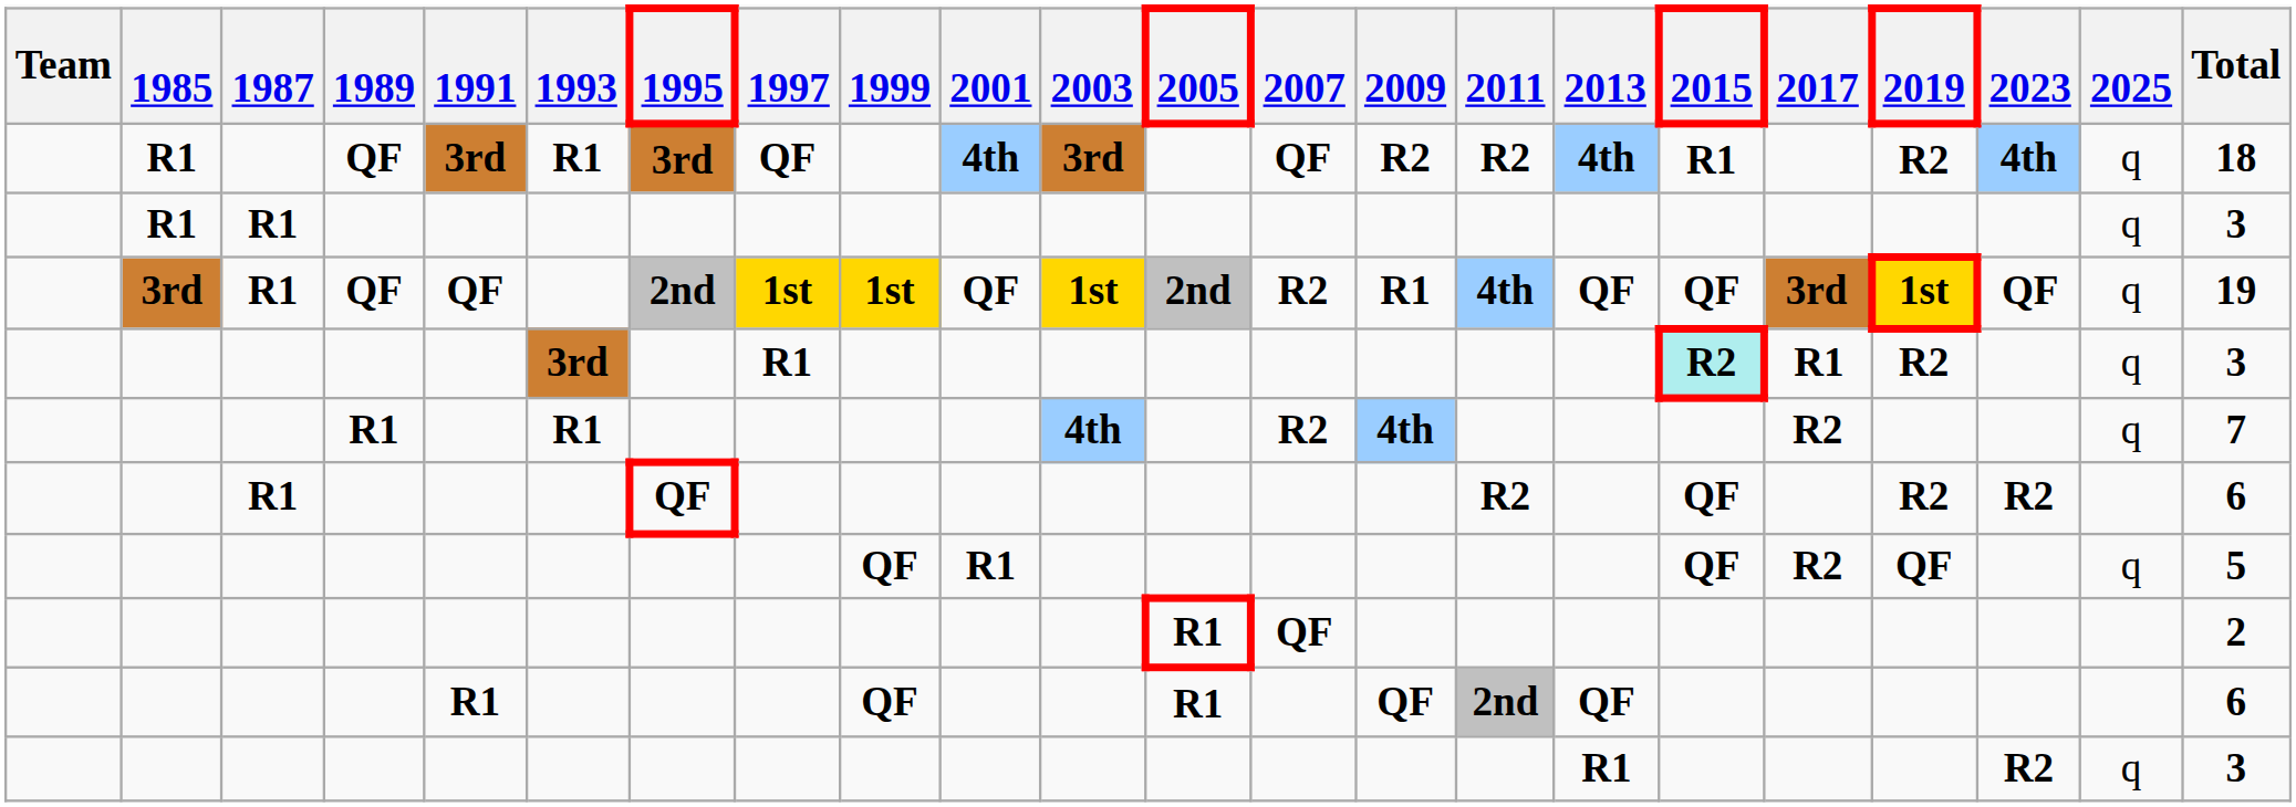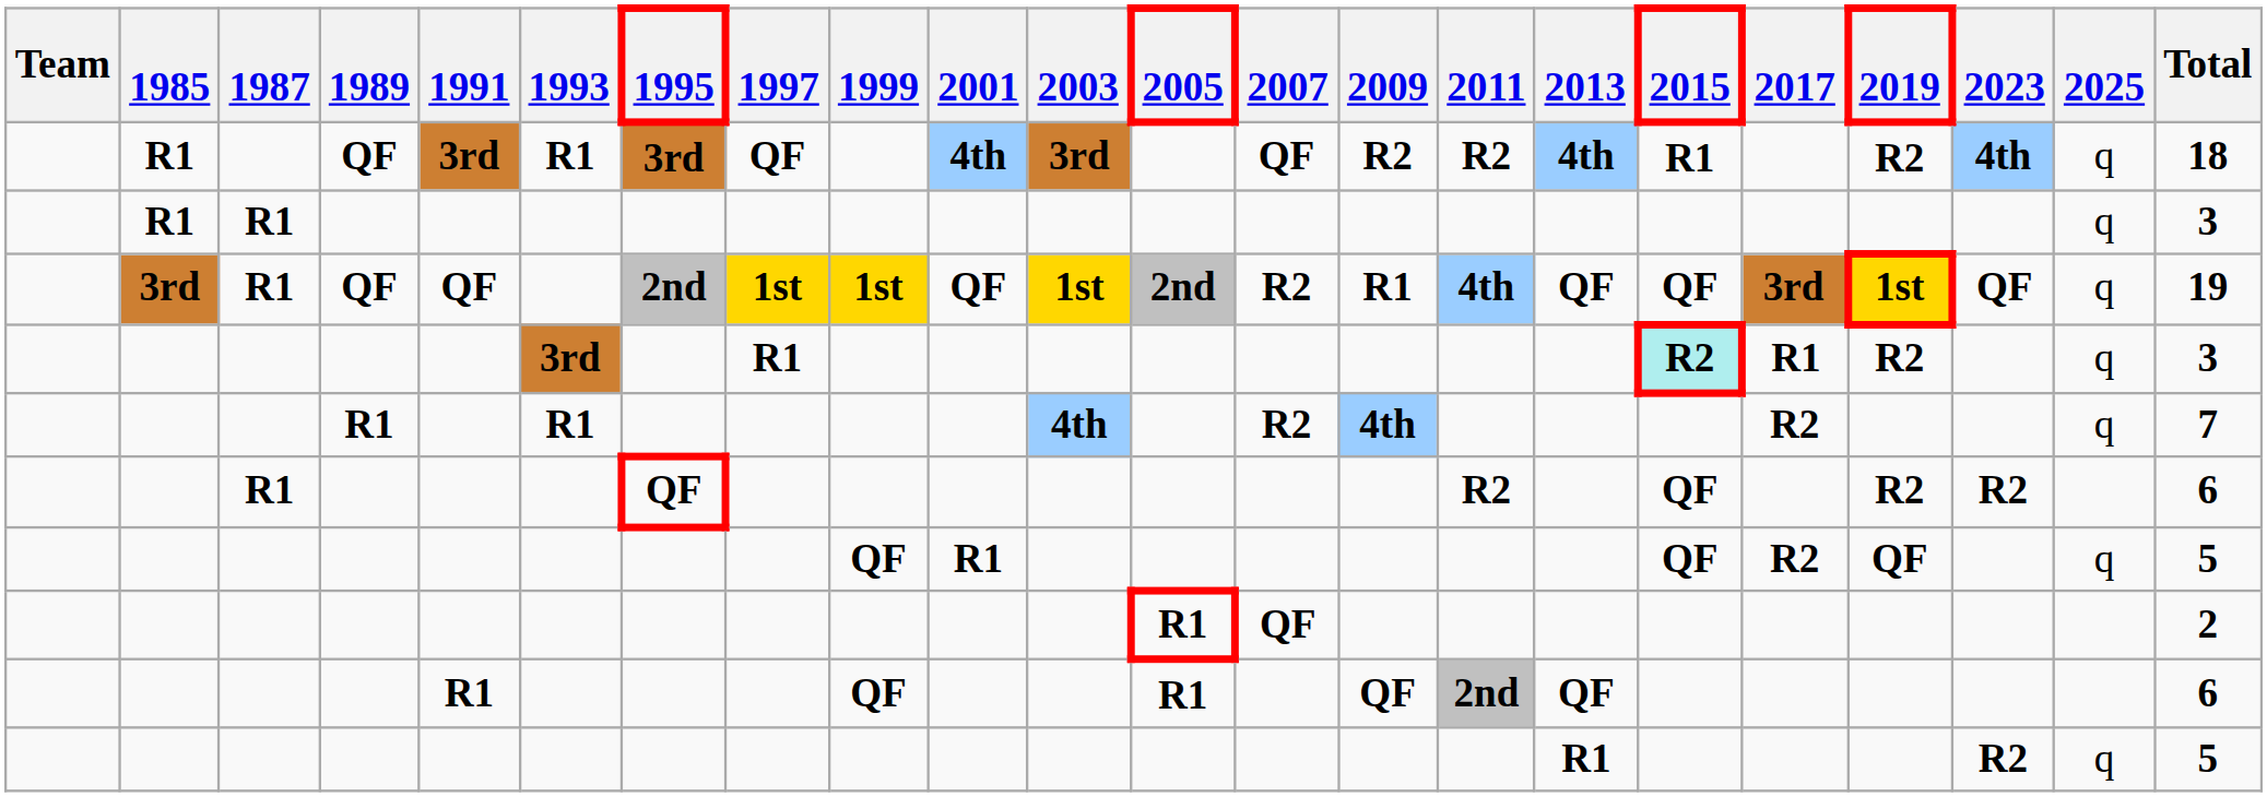 <table class="wikitable" style="text-align:center">
 <tr>
 <th>Team</th>
 <th><br><a href='#'>1985</a></th>
 <th><br><a href='#'>1987</a></th>
 <th><br><a href='#'>1989</a></th>
 <th><br><a href='#'>1991</a></th>
 <th><br><a href='#'>1993</a></th>
 <th style="border:3px solid red"><br><a href='#'>1995</a></th>
 <th><br><a href='#'>1997</a></th>
 <th><br><a href='#'>1999</a></th>
 <th><br><a href='#'>2001</a></th>
 <th><br><a href='#'>2003</a></th>
 <th style="border:3px solid red"><br><a href='#'>2005</a></th>
 <th><br><a href='#'>2007</a></th>
 <th><br><a href='#'>2009</a></th>
 <th><br><a href='#'>2011</a></th>
 <th><br><a href='#'>2013</a></th>
 <th style="border:3px solid red"><br><a href='#'>2015</a></th>
 <th><br><a href='#'>2017</a></th>
 <th style="border:3px solid red"><br><a href='#'>2019</a></th>
 <th><br><a href='#'>2023</a></th>
 <th><br><a href='#'>2025</a></th>
 <th>Total</th>
 </tr>
 <tr>
 <td align=left></td>
 <td><strong>R1</strong></td>
 <td></td>
 <td><strong>QF</strong></td>
 <td style="background:#cd7f32;"><strong>3rd</strong></td>
 <td><strong>R1</strong></td>
 <td style="background:#cd7f32;"><strong>3rd</strong></td>
 <td><strong>QF</strong></td>
 <td></td>
 <td style="background:#9acdff;"><strong>4th</strong></td>
 <td style="background:#cd7f32;"><strong>3rd</strong></td>
 <td></td>
 <td><strong>QF</strong></td>
 <td><strong>R2</strong></td>
 <td><strong>R2</strong></td>
 <td style="background:#9acdff;"><strong>4th</strong></td>
 <td><strong>R1</strong></td>
 <td></td>
 <td><strong>R2</strong></td>
 <td style="background:#9acdff;"><strong>4th</strong></td>
 <td>q</td>
 <td><strong>18</strong></td>
 </tr>
 <tr>
 <td align=left></td>
 <td><strong>R1</strong></td>
 <td><strong>R1</strong></td>
 <td></td>
 <td></td>
 <td></td>
 <td></td>
 <td></td>
 <td></td>
 <td></td>
 <td></td>
 <td></td>
 <td></td>
 <td></td>
 <td></td>
 <td></td>
 <td></td>
 <td></td>
 <td></td>
 <td></td>
 <td>q</td>
 <td><strong>3</strong></td>
 </tr>
 <tr>
 <td align=left></td>
 <td style="background:#cd7f32;"><strong>3rd</strong></td>
 <td><strong>R1</strong></td>
 <td><strong>QF</strong></td>
 <td><strong>QF</strong></td>
 <td></td>
 <td style="background:silver;"><strong>2nd</strong></td>
 <td style="background:gold;"><strong>1st</strong></td>
 <td style="background:gold;"><strong>1st</strong></td>
 <td><strong>QF</strong></td>
 <td style="background:gold;"><strong>1st</strong></td>
 <td style="background:silver;"><strong>2nd</strong></td>
 <td><strong>R2</strong></td>
 <td><strong>R1</strong></td>
 <td style="background:#9acdff;"><strong>4th</strong></td>
 <td><strong>QF</strong></td>
 <td><strong>QF</strong></td>
 <td style="background:#cd7f32;"><strong>3rd</strong></td>
 <td style="border: 3px solid red" bgcolor=gold><strong>1st</strong></td>
 <td><strong>QF</strong></td>
 <td>q</td>
 <td><strong>19</strong></td>
 </tr>
 <tr>
 <td align=left></td>
 <td></td>
 <td></td>
 <td></td>
 <td></td>
 <td style="background:#cd7f32;"><strong>3rd</strong></td>
 <td></td>
 <td><strong>R1</strong></td>
 <td></td>
 <td></td>
 <td></td>
 <td></td>
 <td></td>
 <td></td>
 <td></td>
 <td></td>
 <td style="background: paleturquoise; border: 3px solid red"><strong>R2</strong></td>
 <td><strong>R1</strong></td>
 <td><strong>R2</strong></td>
 <td></td>
 <td>q</td>
 <td><strong>3</strong></td>
 </tr>
 <tr>
 <td align=left></td>
 <td></td>
 <td></td>
 <td><strong>R1</strong></td>
 <td></td>
 <td><strong>R1</strong></td>
 <td></td>
 <td></td>
 <td></td>
 <td></td>
 <td style="background:#9acdff;"><strong>4th</strong></td>
 <td></td>
 <td><strong>R2</strong></td>
 <td style="background:#9acdff;"><strong>4th</strong></td>
 <td></td>
 <td></td>
 <td></td>
 <td><strong>R2</strong></td>
 <td></td>
 <td></td>
 <td>q</td>
 <td><strong>7</strong></td>
 </tr>
 <tr>
 <td align=left></td>
 <td></td>
 <td><strong>R1</strong></td>
 <td></td>
 <td></td>
 <td></td>
 <td style="border: 3px solid red"><strong>QF</strong></td>
 <td></td>
 <td></td>
 <td></td>
 <td></td>
 <td></td>
 <td></td>
 <td></td>
 <td><strong>R2</strong></td>
 <td></td>
 <td><strong>QF</strong></td>
 <td></td>
 <td><strong>R2</strong></td>
 <td><strong>R2</strong></td>
 <td></td>
 <td><strong>6</strong></td>
 </tr>
 <tr>
 <td align=left></td>
 <td></td>
 <td></td>
 <td></td>
 <td></td>
 <td></td>
 <td></td>
 <td></td>
 <td><strong>QF</strong></td>
 <td><strong>R1</strong></td>
 <td></td>
 <td></td>
 <td></td>
 <td></td>
 <td></td>
 <td></td>
 <td><strong>QF</strong></td>
 <td><strong>R2</strong></td>
 <td><strong>QF</strong></td>
 <td></td>
 <td>q</td>
 <td><strong>5</strong></td>
 </tr>
 <tr>
 <td align=left></td>
 <td></td>
 <td></td>
 <td></td>
 <td></td>
 <td></td>
 <td></td>
 <td></td>
 <td></td>
 <td></td>
 <td></td>
 <td style="border: 3px solid red"><strong>R1</strong></td>
 <td><strong>QF</strong></td>
 <td></td>
 <td></td>
 <td></td>
 <td></td>
 <td></td>
 <td></td>
 <td></td>
 <td></td>
 <td><strong>2</strong></td>
 </tr>
 <tr>
 <td align=left></td>
 <td></td>
 <td></td>
 <td></td>
 <td><strong>R1</strong></td>
 <td></td>
 <td></td>
 <td></td>
 <td><strong>QF</strong></td>
 <td></td>
 <td></td>
 <td><strong>R1</strong></td>
 <td></td>
 <td><strong>QF</strong></td>
 <td style="background:silver;"><strong>2nd</strong></td>
 <td><strong>QF</strong></td>
 <td></td>
 <td></td>
 <td></td>
 <td></td>
 <td></td>
 <td><strong>6</strong></td>
 </tr>
 <tr>
 <td align=left></td>
 <td></td>
 <td></td>
 <td></td>
 <td></td>
 <td></td>
 <td></td>
 <td></td>
 <td></td>
 <td></td>
 <td></td>
 <td></td>
 <td></td>
 <td></td>
 <td></td>
 <td><strong>R1</strong></td>
 <td></td>
 <td></td>
 <td></td>
 <td><strong>R2</strong></td>
 <td>q</td>
-<td><strong>3</strong></td>
+<td><strong>5</strong></td>
 </tr>
 </table>
